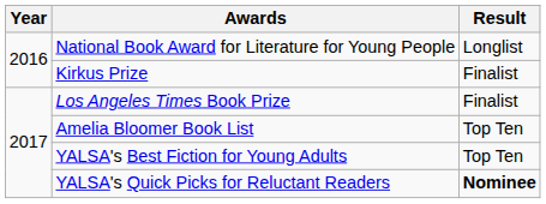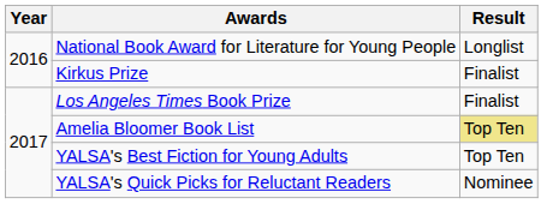 <table class="wikitable">
 <tr>
 <th>Year</th>
 <th>Awards</th>
 <th>Result</th>
 </tr>
 <tr>
 <td rowspan="2">2016</td>
 <td><a href='#'>National Book Award</a> for Literature for Young People</td>
 <td>Longlist </td>
 </tr>
 <tr>
 <td><a href='#'>Kirkus Prize</a></td>
 <td>Finalist </td>
 </tr>
 <tr>
 <td rowspan="4">2017</td>
 <td><a href='#'><em>Los Angeles Times</em> Book Prize</a></td>
 <td>Finalist </td>
 </tr>
 <tr>
 <td><a href='#'>Amelia Bloomer Book List</a></td>
-<td>Top Ten </td>
+<td style="background: khaki;">Top Ten </td>
 </tr>
 <tr>
 <td><a href='#'>YALSA</a>'s <a href='#'>Best Fiction for Young Adults</a></td>
 <td>Top Ten </td>
 </tr>
 <tr>
 <td><a href='#'>YALSA</a>'s <a href='#'>Quick Picks for Reluctant Readers</a></td>
-<td><strong>Nominee </strong></td>
+<td>Nominee </td>
 </tr>
 </table>
